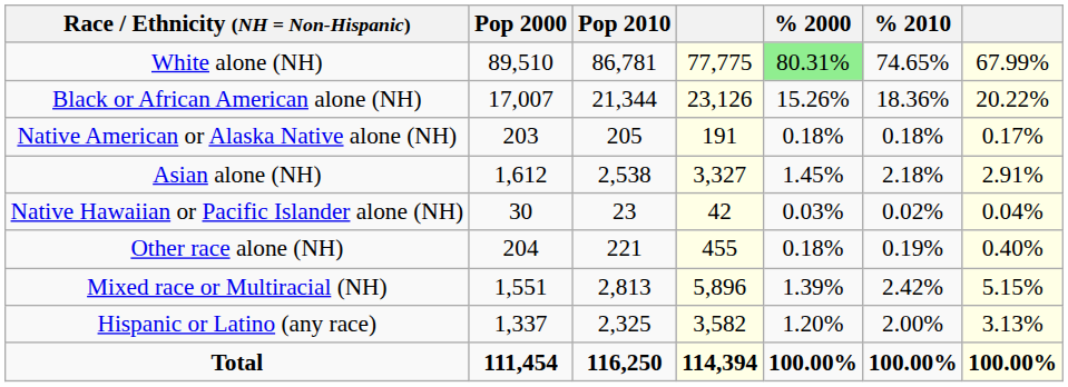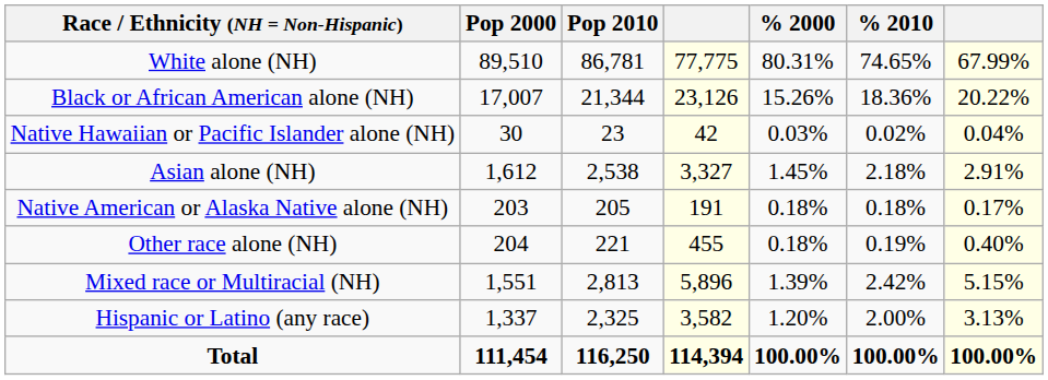 <table class="wikitable" style="text-align:center;">
 <tr>
 <th>Race / Ethnicity <small>(<em>NH = Non-Hispanic</em>)</small></th>
 <th>Pop 2000</th>
 <th>Pop 2010</th>
 <th></th>
 <th>% 2000</th>
 <th>% 2010</th>
 <th></th>
 </tr>
 <tr>
 <td><a href='#'>White</a> alone (NH)</td>
 <td>89,510</td>
 <td>86,781</td>
 <td style='background: #ffffe6;'>77,775</td>
-<td style="background: lightgreen;">80.31%</td>
+<td>80.31%</td>
 <td>74.65%</td>
 <td style='background: #ffffe6;'>67.99%</td>
 </tr>
 <tr>
 <td><a href='#'>Black or African American</a> alone (NH)</td>
 <td>17,007</td>
 <td>21,344</td>
 <td style='background: #ffffe6;'>23,126</td>
 <td>15.26%</td>
 <td>18.36%</td>
 <td style='background: #ffffe6;'>20.22%</td>
 </tr>
 <tr>
-<td><a href='#'>Native American</a> or <a href='#'>Alaska Native</a> alone (NH)</td>
-<td>203</td>
-<td>205</td>
-<td style='background: #ffffe6;'>191</td>
-<td>0.18%</td>
-<td>0.18%</td>
-<td style='background: #ffffe6;'>0.17%</td>
+<td><a href='#'>Native Hawaiian</a> or <a href='#'>Pacific Islander</a> alone (NH)</td>
+<td>30</td>
+<td>23</td>
+<td style='background: #ffffe6;'>42</td>
+<td>0.03%</td>
+<td>0.02%</td>
+<td style='background: #ffffe6;'>0.04%</td>
 </tr>
 <tr>
 <td><a href='#'>Asian</a> alone (NH)</td>
 <td>1,612</td>
 <td>2,538</td>
 <td style='background: #ffffe6;'>3,327</td>
 <td>1.45%</td>
 <td>2.18%</td>
 <td style='background: #ffffe6;'>2.91%</td>
 </tr>
 <tr>
-<td><a href='#'>Native Hawaiian</a> or <a href='#'>Pacific Islander</a> alone (NH)</td>
-<td>30</td>
-<td>23</td>
-<td style='background: #ffffe6;'>42</td>
-<td>0.03%</td>
-<td>0.02%</td>
-<td style='background: #ffffe6;'>0.04%</td>
+<td><a href='#'>Native American</a> or <a href='#'>Alaska Native</a> alone (NH)</td>
+<td>203</td>
+<td>205</td>
+<td style='background: #ffffe6;'>191</td>
+<td>0.18%</td>
+<td>0.18%</td>
+<td style='background: #ffffe6;'>0.17%</td>
 </tr>
 <tr>
 <td><a href='#'>Other race</a> alone (NH)</td>
 <td>204</td>
 <td>221</td>
 <td style='background: #ffffe6;'>455</td>
 <td>0.18%</td>
 <td>0.19%</td>
 <td style='background: #ffffe6;'>0.40%</td>
 </tr>
 <tr>
 <td><a href='#'>Mixed race or Multiracial</a> (NH)</td>
 <td>1,551</td>
 <td>2,813</td>
 <td style='background: #ffffe6;'>5,896</td>
 <td>1.39%</td>
 <td>2.42%</td>
 <td style='background: #ffffe6;'>5.15%</td>
 </tr>
 <tr>
 <td><a href='#'>Hispanic or Latino</a> (any race)</td>
 <td>1,337</td>
 <td>2,325</td>
 <td style='background: #ffffe6;'>3,582</td>
 <td>1.20%</td>
 <td>2.00%</td>
 <td style='background: #ffffe6;'>3.13%</td>
 </tr>
 <tr>
 <td><strong>Total</strong></td>
 <td><strong>111,454</strong></td>
 <td><strong>116,250</strong></td>
 <td style='background: #ffffe6;'><strong>114,394</strong></td>
 <td><strong>100.00%</strong></td>
 <td><strong>100.00%</strong></td>
 <td style='background: #ffffe6;'><strong>100.00%</strong></td>
 </tr>
 </table>
